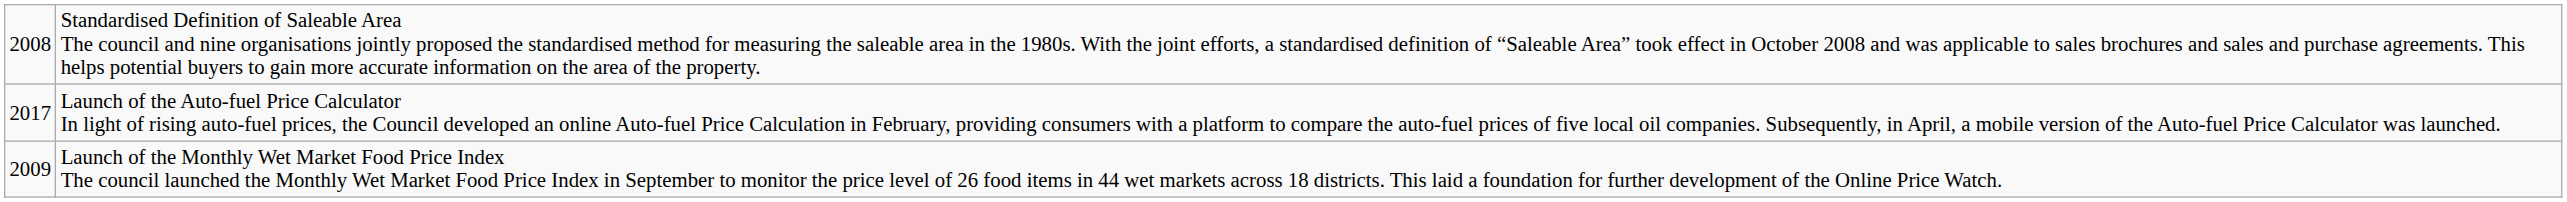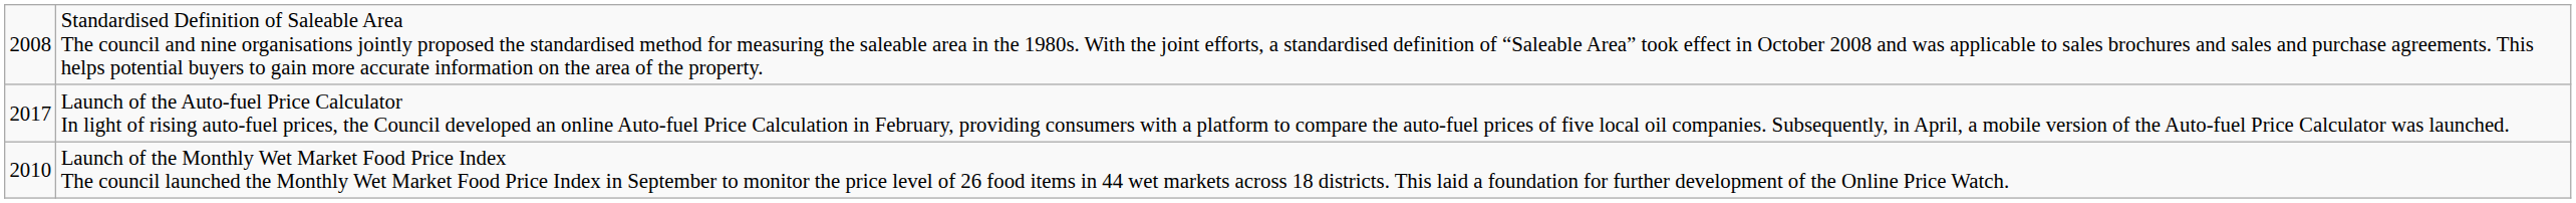 <table class="wikitable">
 <tr>
 <td>2008</td>
 <td>Standardised Definition of Saleable Area<br>The council and nine organisations jointly proposed the standardised method for measuring the saleable area in the 1980s. With the joint efforts, a standardised definition of “Saleable Area” took effect in October 2008 and was applicable to sales brochures and sales and purchase agreements. This helps potential buyers to gain more accurate information on the area of the property.</td>
 </tr>
 <tr>
 <td>2017</td>
 <td>Launch of the Auto-fuel Price Calculator<br>In light of rising auto-fuel prices, the Council developed an online Auto-fuel Price Calculation in February, providing consumers with a platform to compare the auto-fuel prices of five local oil companies. Subsequently, in April, a mobile version of the Auto-fuel Price Calculator was launched.</td>
 </tr>
 <tr>
-<td>2009</td>
+<td>2010</td>
 <td>Launch of the Monthly Wet Market Food Price Index<br>The council launched the Monthly Wet Market Food Price Index in September to monitor the price level of 26 food items in 44 wet markets across 18 districts. This laid a foundation for further development of the Online Price Watch.</td>
 </tr>
 </table>
